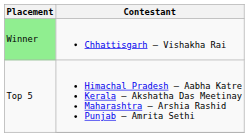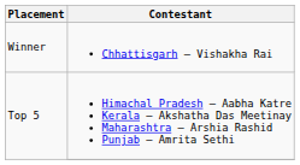 <table class="wikitable">
 <tr>
 <th>Placement</th>
 <th>Contestant</th>
 </tr>
 <tr>
-<td style="background: lightgreen;">Winner</td>
+<td>Winner</td>
 <td><br><ul><li><a href='#'>Chhattisgarh</a> – Vishakha Rai</li></ul></td>
 </tr>
 <tr>
 <td rowspan=5>Top 5</td>
 <td><br><ul><li><a href='#'>Himachal Pradesh</a> – Aabha Katre</li><li><a href='#'>Kerala</a> – Akshatha Das Meetinay</li><li><a href='#'>Maharashtra</a> – Arshia Rashid</li><li><a href='#'>Punjab</a> – Amrita Sethi</li></ul></td>
 </tr>
 <tr>
 </tr>
 </table>
